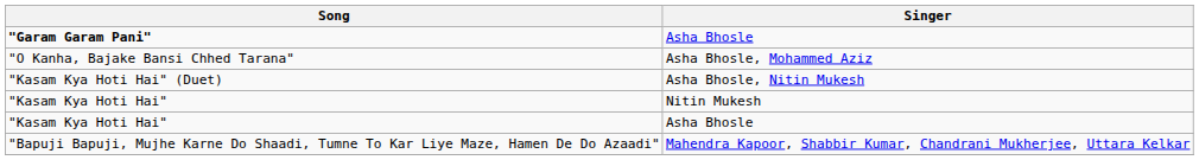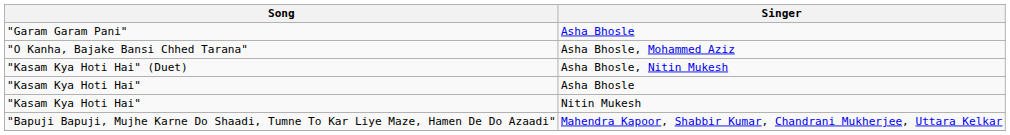 <table class="wikitable" style="font-size:95%">
 <tr>
 <th>Song</th>
 <th>Singer</th>
 </tr>
 <tr>
-<td><strong>"Garam Garam Pani"</strong></td>
+<td>"Garam Garam Pani"</td>
 <td><a href='#'>Asha Bhosle</a></td>
 </tr>
 <tr>
 <td>"O Kanha, Bajake Bansi Chhed Tarana"</td>
 <td>Asha Bhosle, <a href='#'>Mohammed Aziz</a></td>
 </tr>
 <tr>
 <td>"Kasam Kya Hoti Hai" (Duet)</td>
 <td>Asha Bhosle, <a href='#'>Nitin Mukesh</a></td>
 </tr>
 <tr>
 <td>"Kasam Kya Hoti Hai"</td>
-<td>Nitin Mukesh</td>
+<td>Asha Bhosle</td>
 </tr>
 <tr>
 <td>"Kasam Kya Hoti Hai"</td>
-<td>Asha Bhosle</td>
+<td>Nitin Mukesh</td>
 </tr>
 <tr>
 <td>"Bapuji Bapuji, Mujhe Karne Do Shaadi, Tumne To Kar Liye Maze, Hamen De Do Azaadi"</td>
 <td><a href='#'>Mahendra Kapoor</a>, <a href='#'>Shabbir Kumar</a>, <a href='#'>Chandrani Mukherjee</a>, <a href='#'>Uttara Kelkar</a></td>
 </tr>
 <tr>
 </tr>
 </table>
